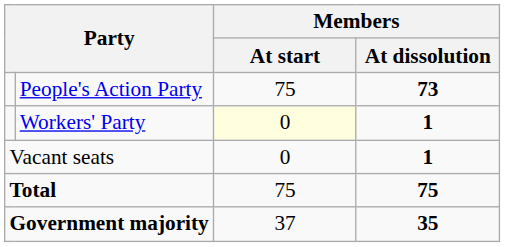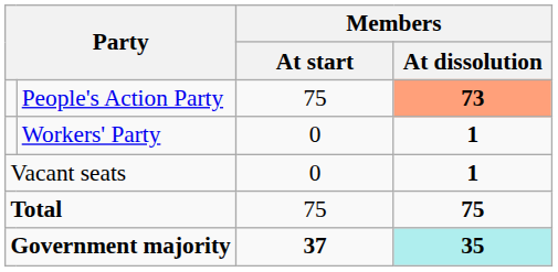 <table class="wikitable" border="1">
 <tr>
 <th rowspan="2" colspan="2">Party</th>
 <th colspan="2">Members</th>
 </tr>
 <tr>
 <th width="100px">At start</th>
 <th width="100px">At dissolution</th>
 </tr>
 <tr>
 <td></td>
 <td scope="row"><a href='#'>People's Action Party</a></td>
 <td align="center">75</td>
-<td align="center"><strong>73</strong></td>
+<td align="center" style="background: lightsalmon;"><strong>73</strong></td>
 </tr>
 <tr>
 <td></td>
 <td scope="row"><a href='#'>Workers' Party</a></td>
-<td align="center" style="background: lightyellow;">0</td>
+<td align="center">0</td>
 <td align="center"><strong>1</strong></td>
 </tr>
 <tr>
 <td colspan="2">Vacant seats</td>
 <td align="center">0</td>
 <td align="center"><strong>1</strong></td>
 </tr>
 <tr>
 <td colspan="2"><strong>Total</strong></td>
 <td align="center">75</td>
 <td align="center"><strong>75</strong></td>
 </tr>
 <tr>
 <td colspan="2"><strong>Government majority</strong></td>
-<td align="center">37</td>
-<td align="center"><strong>35</strong></td>
+<td align="center"><strong>37</strong></td>
+<td align="center" style="background: paleturquoise;"><strong>35</strong></td>
 </tr>
 </table>
